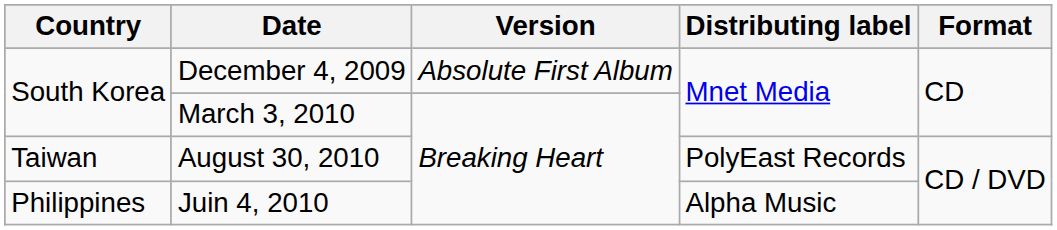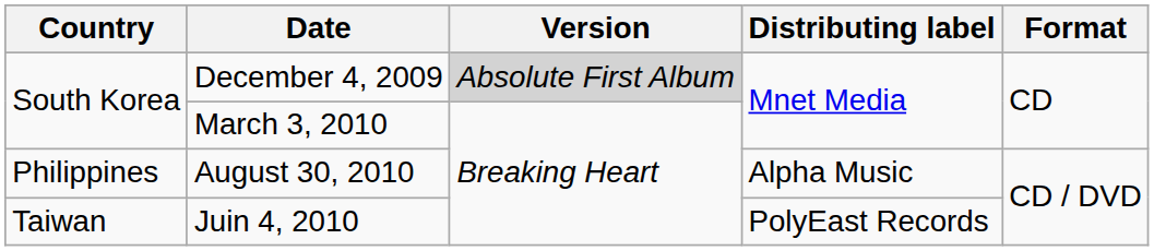 <table class="wikitable">
 <tr>
 <th>Country</th>
 <th>Date</th>
 <th>Version</th>
 <th>Distributing label</th>
 <th>Format</th>
 </tr>
 <tr>
 <td rowspan="2">South Korea</td>
 <td>December 4, 2009</td>
-<td><em>Absolute First Album</em></td>
+<td style="background: lightgrey;"><em>Absolute First Album</em></td>
 <td rowspan="2"><a href='#'>Mnet Media</a></td>
 <td rowspan="2">CD</td>
 </tr>
 <tr>
 <td>March 3, 2010</td>
 <td rowspan="3"><em>Breaking Heart</em></td>
 </tr>
 <tr>
-<td>Taiwan</td>
+<td>Philippines</td>
 <td>August 30, 2010</td>
-<td>PolyEast Records</td>
+<td>Alpha Music</td>
 <td rowspan="2">CD / DVD</td>
 </tr>
 <tr>
-<td>Philippines</td>
+<td>Taiwan</td>
 <td>Juin 4, 2010</td>
-<td>Alpha Music</td>
+<td>PolyEast Records</td>
 </tr>
 </table>
